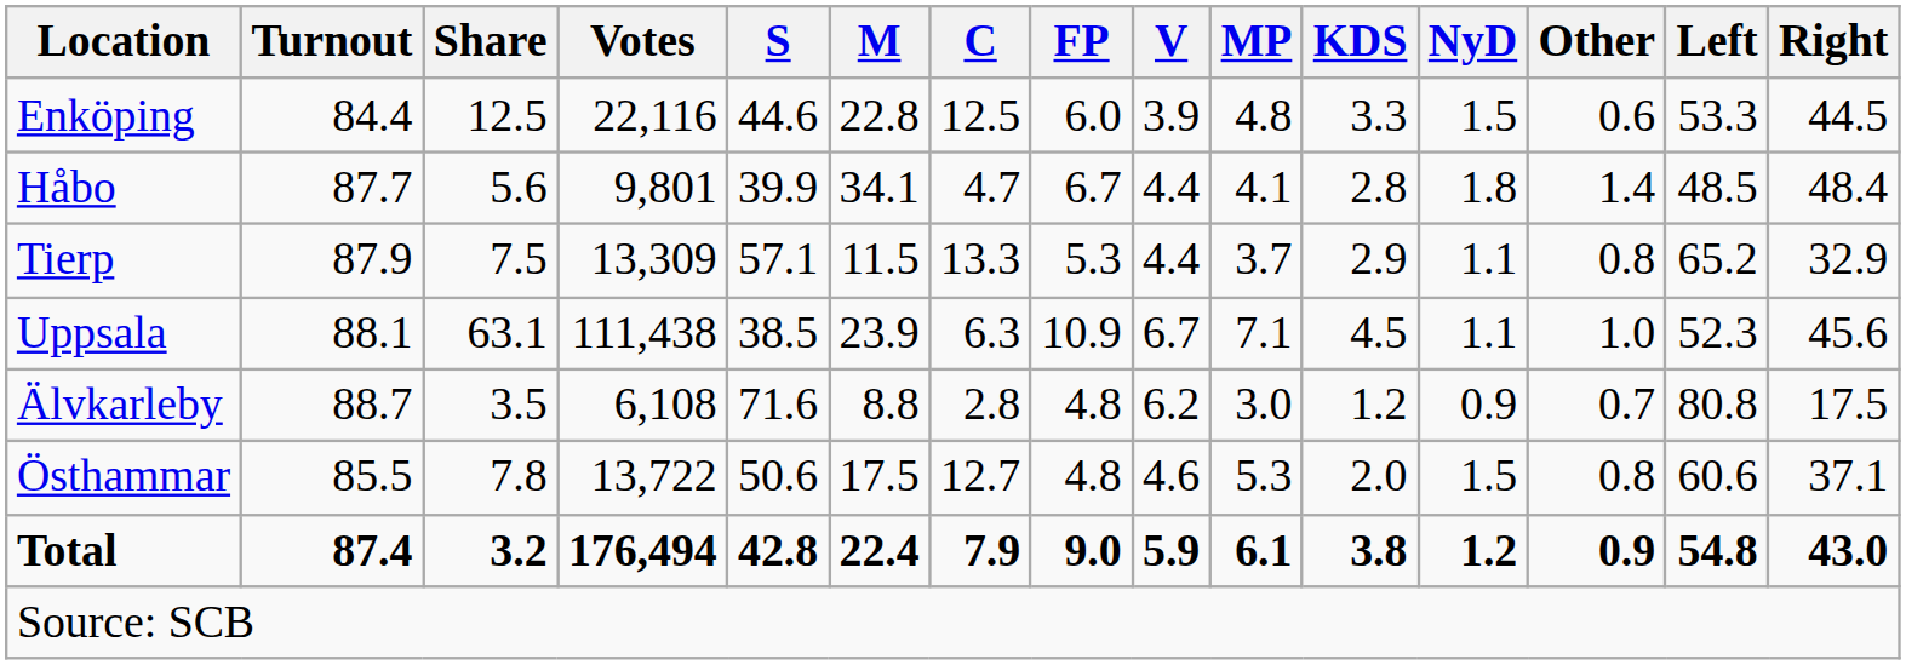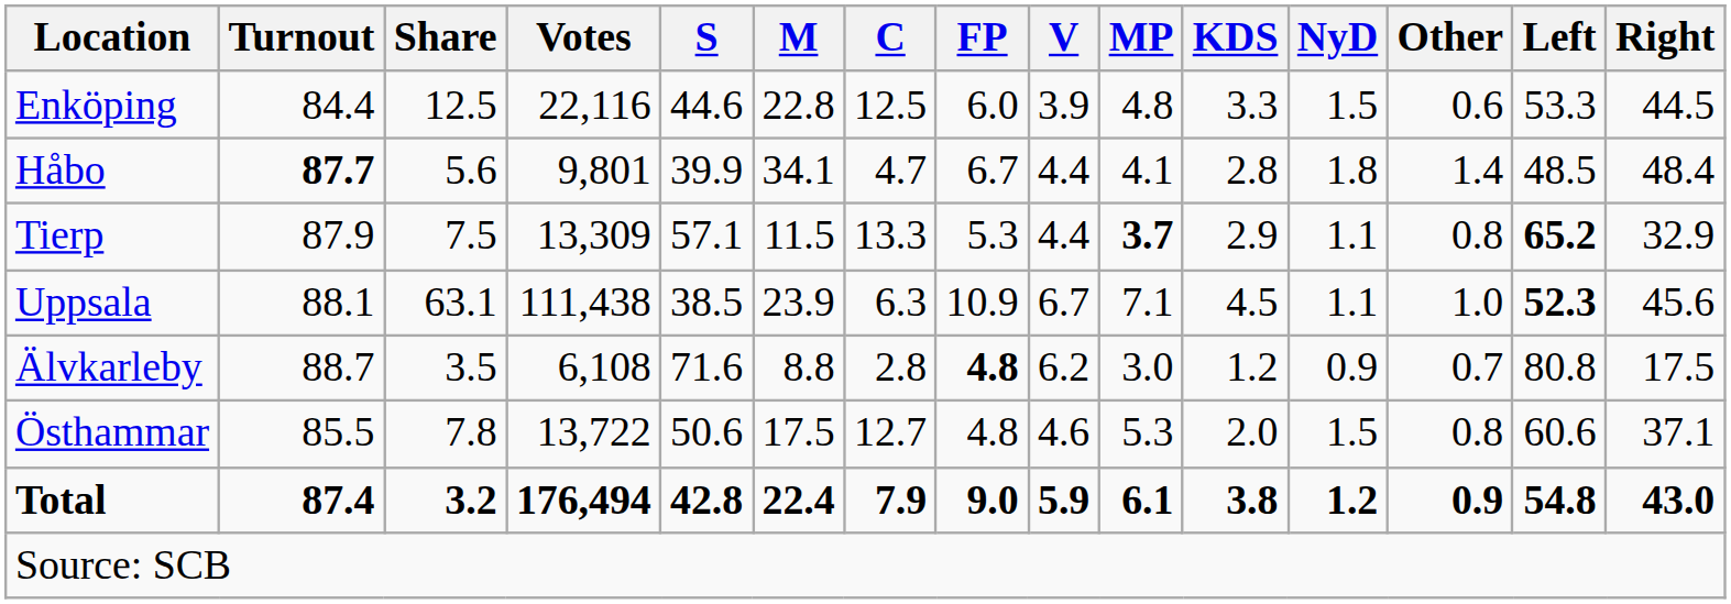 <table class="wikitable sortable" style=text-align:right>
 <tr>
 <th>Location</th>
 <th>Turnout</th>
 <th>Share</th>
 <th>Votes</th>
 <th><a href='#'>S</a></th>
 <th><a href='#'>M</a></th>
 <th><a href='#'>C</a></th>
 <th><a href='#'>FP</a></th>
 <th><a href='#'>V</a></th>
 <th><a href='#'>MP</a></th>
 <th><a href='#'>KDS</a></th>
 <th><a href='#'>NyD</a></th>
 <th>Other</th>
 <th>Left</th>
 <th>Right</th>
 </tr>
 <tr>
 <td align=left><a href='#'>Enköping</a></td>
 <td>84.4</td>
 <td>12.5</td>
 <td>22,116</td>
 <td>44.6</td>
 <td>22.8</td>
 <td>12.5</td>
 <td>6.0</td>
 <td>3.9</td>
 <td>4.8</td>
 <td>3.3</td>
 <td>1.5</td>
 <td>0.6</td>
 <td>53.3</td>
 <td>44.5</td>
 </tr>
 <tr>
 <td align=left><a href='#'>Håbo</a></td>
-<td>87.7</td>
+<td><strong>87.7</strong></td>
 <td>5.6</td>
 <td>9,801</td>
 <td>39.9</td>
 <td>34.1</td>
 <td>4.7</td>
 <td>6.7</td>
 <td>4.4</td>
 <td>4.1</td>
 <td>2.8</td>
 <td>1.8</td>
 <td>1.4</td>
 <td>48.5</td>
 <td>48.4</td>
 </tr>
 <tr>
 <td align=left><a href='#'>Tierp</a></td>
 <td>87.9</td>
 <td>7.5</td>
 <td>13,309</td>
 <td>57.1</td>
 <td>11.5</td>
 <td>13.3</td>
 <td>5.3</td>
 <td>4.4</td>
-<td>3.7</td>
+<td><strong>3.7</strong></td>
 <td>2.9</td>
 <td>1.1</td>
 <td>0.8</td>
-<td>65.2</td>
+<td><strong>65.2</strong></td>
 <td>32.9</td>
 </tr>
 <tr>
 <td align=left><a href='#'>Uppsala</a></td>
 <td>88.1</td>
 <td>63.1</td>
 <td>111,438</td>
 <td>38.5</td>
 <td>23.9</td>
 <td>6.3</td>
 <td>10.9</td>
 <td>6.7</td>
 <td>7.1</td>
 <td>4.5</td>
 <td>1.1</td>
 <td>1.0</td>
-<td>52.3</td>
+<td><strong>52.3</strong></td>
 <td>45.6</td>
 </tr>
 <tr>
 <td align=left><a href='#'>Älvkarleby</a></td>
 <td>88.7</td>
 <td>3.5</td>
 <td>6,108</td>
 <td>71.6</td>
 <td>8.8</td>
 <td>2.8</td>
-<td>4.8</td>
+<td><strong>4.8</strong></td>
 <td>6.2</td>
 <td>3.0</td>
 <td>1.2</td>
 <td>0.9</td>
 <td>0.7</td>
 <td>80.8</td>
 <td>17.5</td>
 </tr>
 <tr>
 <td align=left><a href='#'>Östhammar</a></td>
 <td>85.5</td>
 <td>7.8</td>
 <td>13,722</td>
 <td>50.6</td>
 <td>17.5</td>
 <td>12.7</td>
 <td>4.8</td>
 <td>4.6</td>
 <td>5.3</td>
 <td>2.0</td>
 <td>1.5</td>
 <td>0.8</td>
 <td>60.6</td>
 <td>37.1</td>
 </tr>
 <tr>
 <td align=left><strong>Total</strong></td>
 <td><strong>87.4</strong></td>
 <td><strong>3.2</strong></td>
 <td><strong>176,494</strong></td>
 <td><strong>42.8</strong></td>
 <td><strong>22.4</strong></td>
 <td><strong>7.9</strong></td>
 <td><strong>9.0</strong></td>
 <td><strong>5.9</strong></td>
 <td><strong>6.1</strong></td>
 <td><strong>3.8</strong></td>
 <td><strong>1.2</strong></td>
 <td><strong>0.9</strong></td>
 <td><strong>54.8</strong></td>
 <td><strong>43.0</strong></td>
 </tr>
 <tr>
 <td align=left colspan=15>Source: SCB </td>
 </tr>
 </table>
